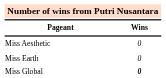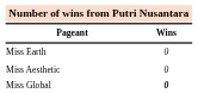 <table class="toccolours" style="width: 30em; float:right; margin-left:1em; font-size:80%; line-height:1.5em; width:30%;">
 <tr>
 <th colspan="2" align="center" style="background:#FFDDCA;"><big>Number of wins from Putri Nusantara</big></th>
 </tr>
 <tr>
 <td colspan="2" style="background:black"></td>
 </tr>
 <tr>
 <th scope="col">Pageant</th>
 <th scope="col">Wins</th>
 </tr>
 <tr>
 <td colspan="2" style="background:black"></td>
 </tr>
 <tr>
-<td align="left">Miss Aesthetic</td>
+<td align="left">Miss Earth</td>
 <td align="center"><em>0</em></td>
 </tr>
 <tr>
-<td align="left">Miss Earth</td>
+<td align="left">Miss Aesthetic</td>
 <td align="center"><em>0</em></td>
 </tr>
 <tr>
 <td align="left">Miss Global</td>
 <td align="center"><strong><em>0</em></strong></td>
 </tr>
 <tr>
 </tr>
 </table>
